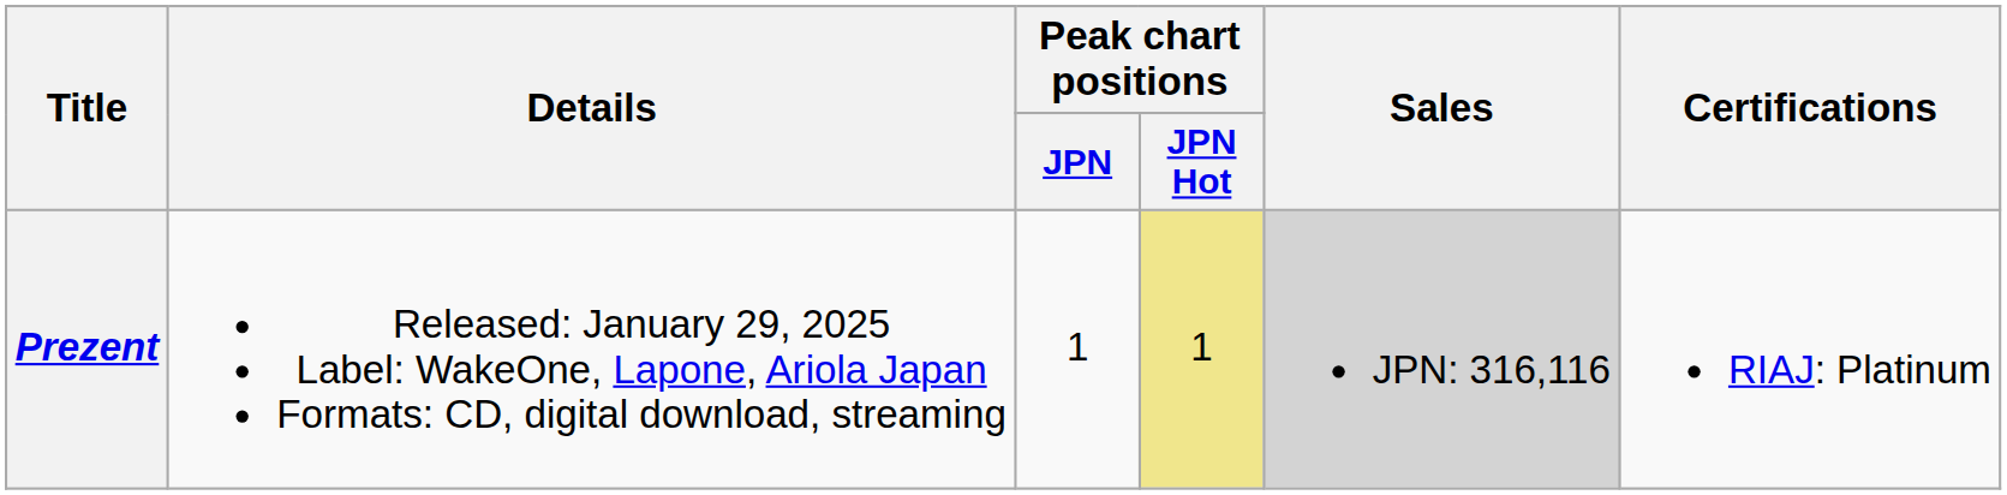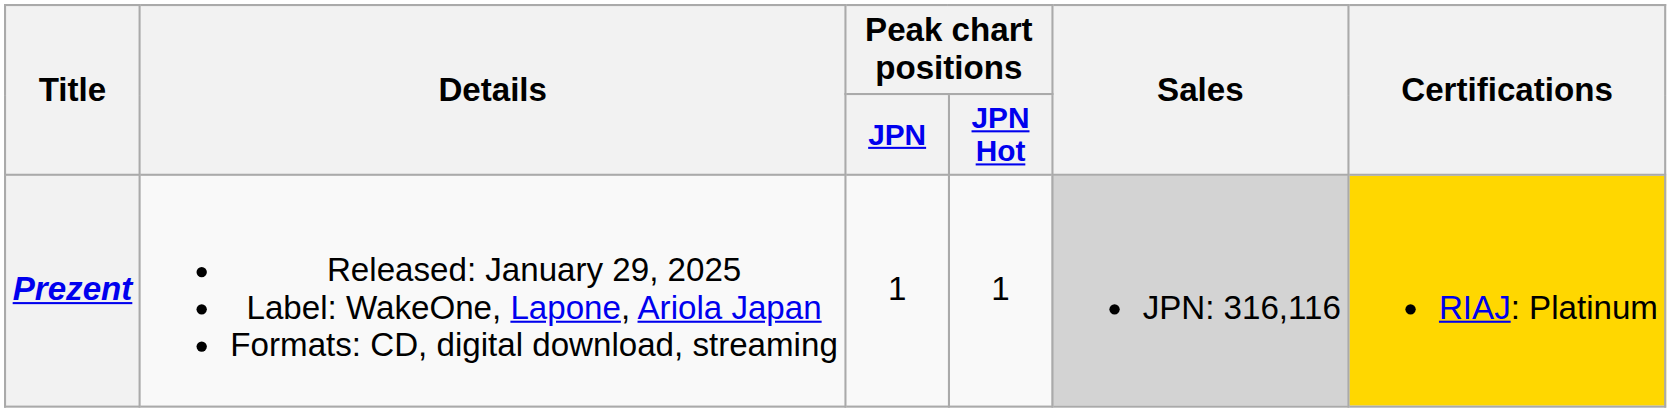 <table class="wikitable plainrowheaders" style="text-align:center">
 <tr>
 <th scope="col" rowspan="2">Title</th>
 <th scope="col" rowspan="2">Details</th>
 <th scope="col" colspan="2">Peak chart positions</th>
 <th scope="col" rowspan="2">Sales</th>
 <th scope="col" rowspan="2">Certifications</th>
 </tr>
 <tr>
 <th scope="col" style="font-size:90%; width:3em"><a href='#'>JPN</a><br></th>
 <th scope="col" style="font-size:90%; width:3em"><a href='#'>JPN<br>Hot</a><br></th>
 </tr>
 <tr>
 <th scope="row"><em><a href='#'>Prezent</a></em></th>
 <td><br><ul><li>Released: January 29, 2025</li><li>Label: WakeOne, <a href='#'>Lapone</a>, <a href='#'>Ariola Japan</a></li><li>Formats: CD, digital download, streaming</li></ul></td>
 <td>1</td>
-<td style="background: khaki;">1</td>
+<td>1</td>
 <td style="background: lightgrey;"><br><ul><li>JPN: 316,116</li></ul></td>
-<td><br><ul><li><a href='#'>RIAJ</a>: Platinum </li></ul></td>
+<td style="background: gold;"><br><ul><li><a href='#'>RIAJ</a>: Platinum </li></ul></td>
 </tr>
 </table>
